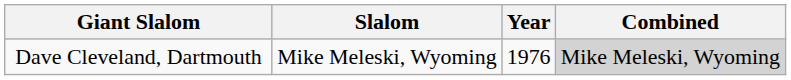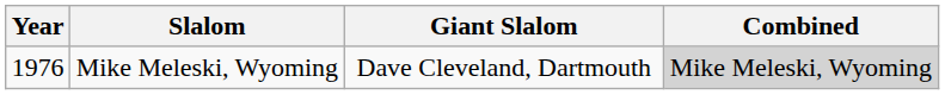 <table class="wikitable" style="text-align:center">
 <tr>
+<th><strong>Year</strong></th>
+<th><strong>Slalom</strong></th>
 <th><strong>Giant Slalom</strong></th>
-<th><strong>Slalom</strong></th>
-<th><strong>Year</strong></th>
 <th><strong>Combined</strong></th>
 </tr>
 <tr>
+<td>1976</td>
+<td>Mike Meleski, Wyoming</td>
 <td> Dave Cleveland, Dartmouth </td>
-<td>Mike Meleski, Wyoming</td>
-<td>1976</td>
 <td style="background: lightgrey;">Mike Meleski, Wyoming</td>
 </tr>
 </table>
